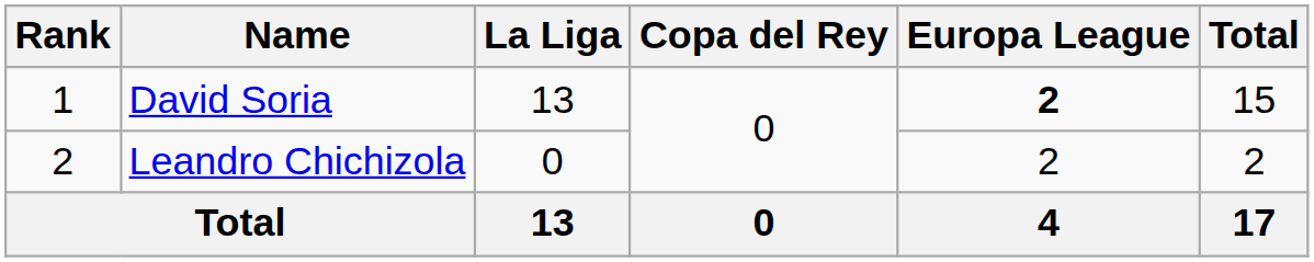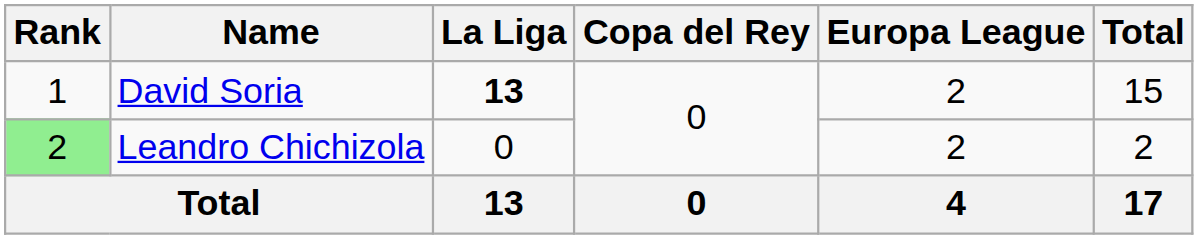 <table class="wikitable" style="text-align: center;">
 <tr>
 <th>Rank</th>
 <th>Name</th>
 <th>La Liga</th>
 <th>Copa del Rey</th>
 <th>Europa League</th>
 <th>Total</th>
 </tr>
 <tr>
 <td>1</td>
 <td align=left> <a href='#'>David Soria</a></td>
-<td>13</td>
+<td><strong>13</strong></td>
 <td rowspan=2>0</td>
-<td><strong>2</strong></td>
+<td>2</td>
 <td>15</td>
 </tr>
 <tr>
-<td>2</td>
+<td style="background: lightgreen;">2</td>
 <td align=left> <a href='#'>Leandro Chichizola</a></td>
 <td>0</td>
 <td>2</td>
 <td>2</td>
 </tr>
 <tr>
 <th colspan=2>Total</th>
 <th>13</th>
 <th>0</th>
 <th>4</th>
 <th>17</th>
 </tr>
 </table>
